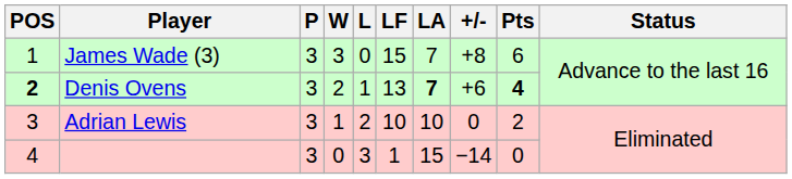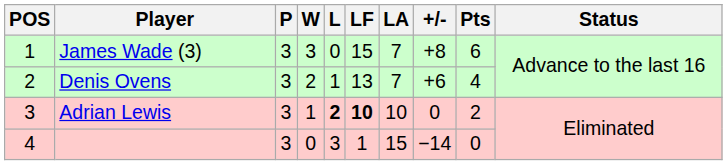 <table class="wikitable" style="text-align:center; margin: 1em auto 1em auto, align:left">
 <tr>
 <th width=20>POS</th>
 <th width=173>Player</th>
 <th width=3>P</th>
 <th width=3>W</th>
 <th width=3>L</th>
 <th width=20>LF</th>
 <th width=20>LA</th>
 <th width=20>+/-</th>
 <th width=20>Pts</th>
 <th width=179>Status</th>
 </tr>
 <tr style="background:#CCFFCC;">
 <td>1</td>
 <td style="text-align:left;"> <a href='#'>James Wade</a> (3)</td>
 <td>3</td>
 <td>3</td>
 <td>0</td>
 <td>15</td>
 <td>7</td>
 <td>+8</td>
 <td>6</td>
 <td rowspan=2>Advance to the last 16</td>
 </tr>
 <tr style="background:#CCFFCC;">
-<td><strong>2</strong></td>
+<td>2</td>
 <td style="text-align:left;"> <a href='#'>Denis Ovens</a></td>
 <td>3</td>
 <td>2</td>
 <td>1</td>
 <td>13</td>
-<td><strong>7</strong></td>
+<td>7</td>
 <td>+6</td>
-<td><strong>4</strong></td>
+<td>4</td>
 </tr>
 <tr style="background:#FFCCCC;">
 <td>3</td>
 <td style="text-align:left;"> <a href='#'>Adrian Lewis</a></td>
 <td>3</td>
 <td>1</td>
-<td>2</td>
-<td>10</td>
+<td><strong>2</strong></td>
+<td><strong>10</strong></td>
 <td>10</td>
 <td>0</td>
 <td>2</td>
 <td rowspan=2>Eliminated</td>
 </tr>
 <tr style="background:#FFCCCC;">
 <td>4</td>
 <td style="text-align:left;"></td>
 <td>3</td>
 <td>0</td>
 <td>3</td>
 <td>1</td>
 <td>15</td>
 <td>−14</td>
 <td>0</td>
 </tr>
 </table>
